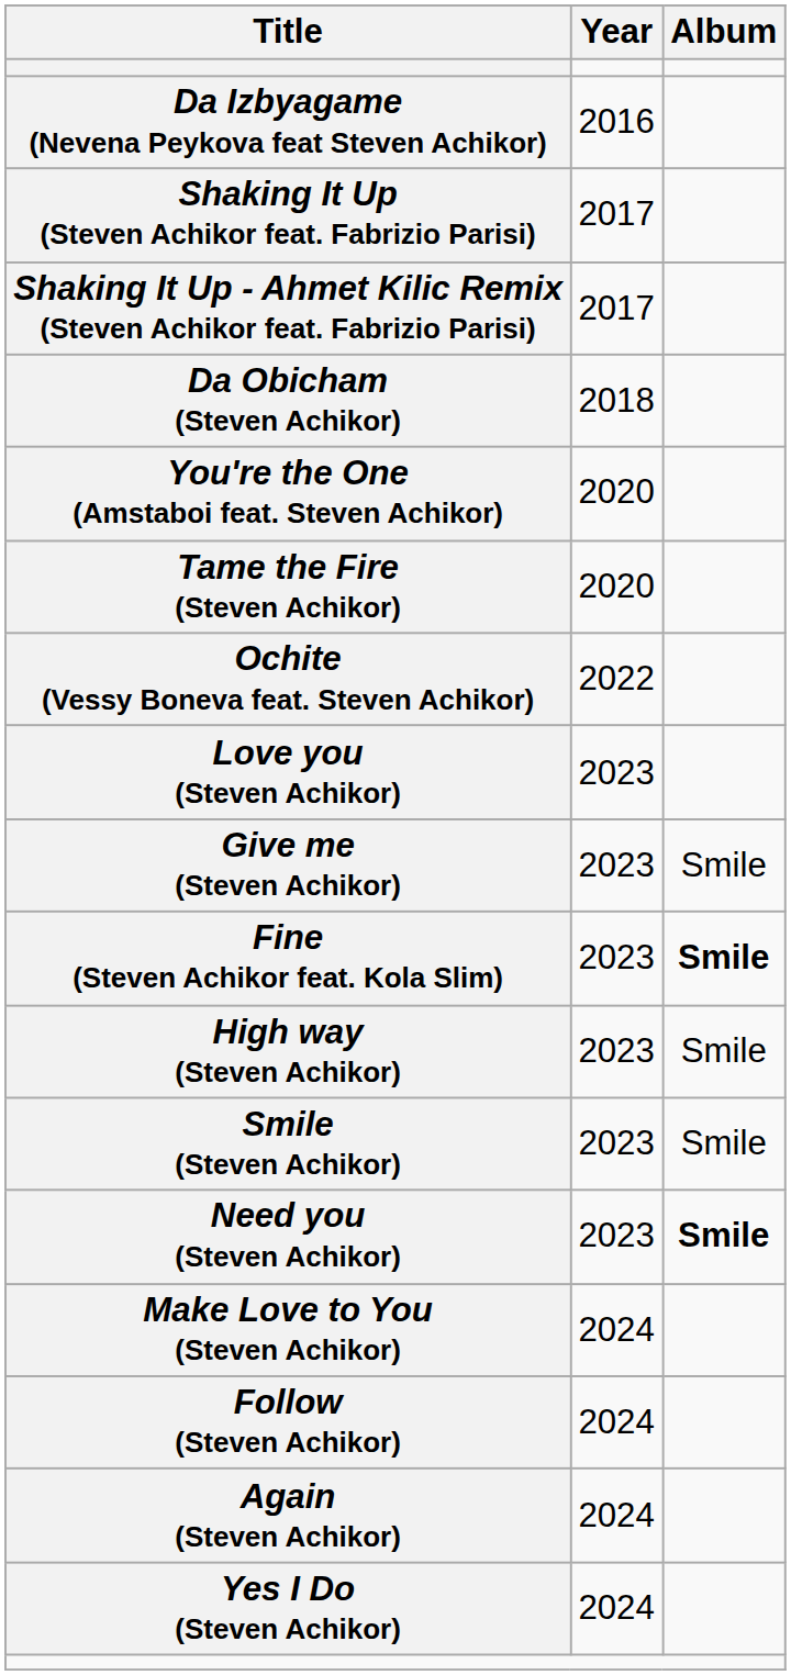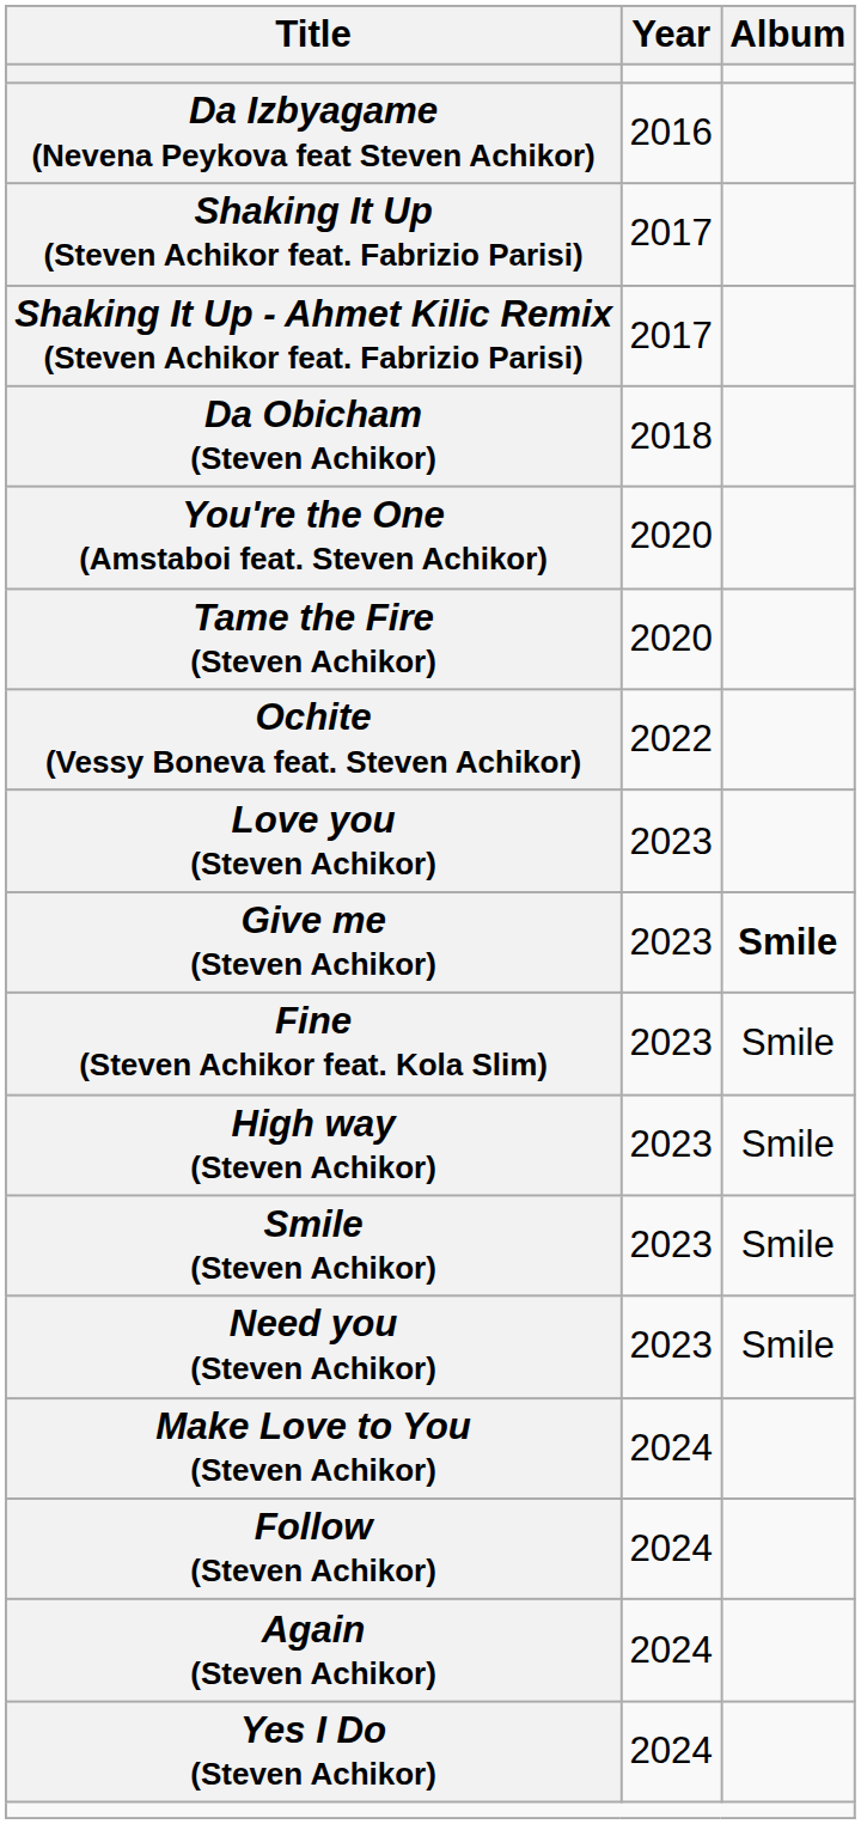 <table class="wikitable plainrowheaders" style="text-align:center;">
 <tr>
 <th scope="col" rowspan="2">Title</th>
 <th scope="col" rowspan="2">Year</th>
 <th scope="col" rowspan="2">Album</th>
 </tr>
 <tr>
 </tr>
 <tr>
 <th scope="row"></th>
 <td></td>
 </tr>
 <tr>
 <th scope="row"><em>Da Izbyagame</em> <br><small>(Nevena Peykova feat Steven Achikor)</small></th>
 <td>2016</td>
 <td></td>
 </tr>
 <tr>
 <th scope="row"><em>Shaking It Up</em> <br><small>(Steven Achikor feat. Fabrizio Parisi)</small></th>
 <td>2017</td>
 <td></td>
 </tr>
 <tr>
 <th scope="row"><em>Shaking It Up - Ahmet Kilic Remix</em> <br><small>(Steven Achikor feat. Fabrizio Parisi)</small></th>
 <td>2017</td>
 <td></td>
 </tr>
 <tr>
 <th scope="row"><em>Da Obicham</em> <br><small>(Steven Achikor)</small></th>
 <td>2018</td>
 <td></td>
 </tr>
 <tr>
 <th scope="row"><em>You're the One</em> <br><small>(Amstaboi feat. Steven Achikor)</small></th>
 <td>2020</td>
 <td></td>
 </tr>
 <tr>
 <th scope="row"><em>Tame the Fire</em> <br><small>(Steven Achikor)</small></th>
 <td>2020</td>
 <td></td>
 </tr>
 <tr>
 <th scope="row"><em>Ochite</em> <br><small>(Vessy Boneva feat. Steven Achikor)</small></th>
 <td>2022</td>
 <td></td>
 </tr>
 <tr>
 <th scope="row"><em>Love you</em> <br><small>(Steven Achikor)</small></th>
 <td>2023</td>
 <td></td>
 </tr>
 <tr>
 <th scope="row"><em>Give me</em> <br><small>(Steven Achikor)</small></th>
 <td>2023</td>
-<td>Smile</td>
+<td><strong>Smile</strong></td>
 </tr>
 <tr>
 <th scope="row"><em>Fine</em> <br><small>(Steven Achikor feat. Kola Slim)</small></th>
 <td>2023</td>
-<td><strong>Smile</strong></td>
+<td>Smile</td>
 </tr>
 <tr>
 <th scope="row"><em>High way</em> <br><small>(Steven Achikor)</small></th>
 <td>2023</td>
 <td>Smile</td>
 </tr>
 <tr>
 <th scope="row"><em>Smile</em> <br><small>(Steven Achikor)</small></th>
 <td>2023</td>
 <td>Smile</td>
 </tr>
 <tr>
 <th scope="row"><em>Need you</em> <br><small>(Steven Achikor)</small></th>
 <td>2023</td>
-<td><strong>Smile</strong></td>
+<td>Smile</td>
 </tr>
 <tr>
 <th scope="row"><em>Make Love to You</em> <br><small>(Steven Achikor)</small></th>
 <td>2024</td>
 <td></td>
 </tr>
 <tr>
 <th scope="row"><em>Follow</em> <br><small>(Steven Achikor)</small></th>
 <td>2024</td>
 <td></td>
 </tr>
 <tr>
 <th scope="row"><em>Again</em> <br><small>(Steven Achikor)</small></th>
 <td>2024</td>
 <td></td>
 </tr>
 <tr>
 <th scope="row"><em>Yes I Do</em> <br><small>(Steven Achikor)</small></th>
 <td>2024</td>
 <td></td>
 </tr>
 <tr>
 <td colspan="13" style="font-size:90%"></td>
 </tr>
 </table>
